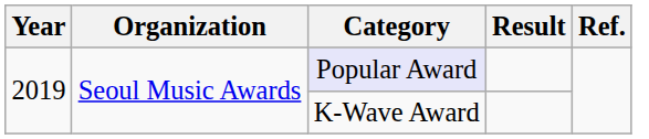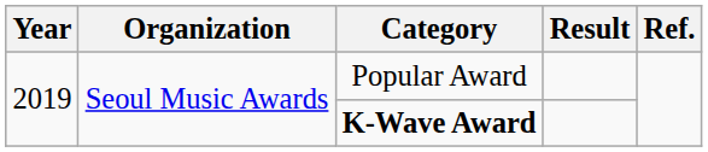 <table class="wikitable" style="text-align:center">
 <tr>
 <th>Year</th>
 <th>Organization</th>
 <th>Category</th>
 <th>Result</th>
 <th>Ref.</th>
 </tr>
 <tr>
 <td rowspan="2">2019</td>
 <td rowspan="2"><a href='#'>Seoul Music Awards</a></td>
-<td style="background: lavender;">Popular Award</td>
+<td>Popular Award</td>
 <td></td>
 <td rowspan="2"></td>
 </tr>
 <tr>
-<td>K-Wave Award</td>
+<td><strong>K-Wave Award</strong></td>
 <td></td>
 </tr>
 </table>
